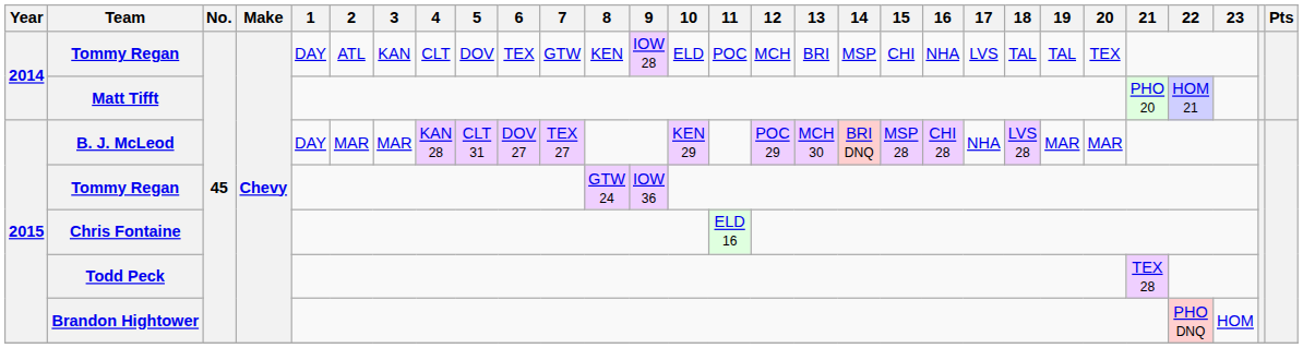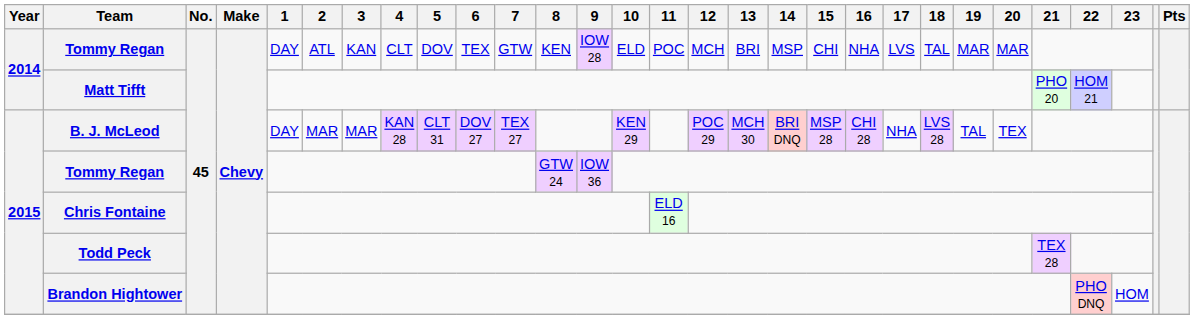 <table class="wikitable" style="text-align:center; font-size:75%">
 <tr>
 <th>Year</th>
 <th>Team</th>
 <th>No.</th>
 <th>Make</th>
 <th>1</th>
 <th>2</th>
 <th>3</th>
 <th>4</th>
 <th>5</th>
 <th>6</th>
 <th>7</th>
 <th>8</th>
 <th>9</th>
 <th>10</th>
 <th>11</th>
 <th>12</th>
 <th>13</th>
 <th>14</th>
 <th>15</th>
 <th>16</th>
 <th>17</th>
 <th>18</th>
 <th>19</th>
 <th>20</th>
 <th>21</th>
 <th>22</th>
 <th>23</th>
 <th></th>
 <th>Pts</th>
 </tr>
 <tr>
 <th rowspan=2><a href='#'>2014</a></th>
 <th><a href='#'>Tommy Regan</a></th>
 <th rowspan=7>45</th>
 <th rowspan=7><a href='#'>Chevy</a></th>
 <td><a href='#'>DAY</a></td>
 <td><a href='#'>ATL</a></td>
 <td><a href='#'>KAN</a></td>
 <td><a href='#'>CLT</a></td>
 <td><a href='#'>DOV</a></td>
 <td><a href='#'>TEX</a></td>
 <td><a href='#'>GTW</a></td>
 <td><a href='#'>KEN</a></td>
 <td style="background:#EFCFFF;"><a href='#'>IOW</a><br><small>28</small></td>
 <td><a href='#'>ELD</a></td>
 <td><a href='#'>POC</a></td>
 <td><a href='#'>MCH</a></td>
 <td><a href='#'>BRI</a></td>
 <td><a href='#'>MSP</a></td>
 <td><a href='#'>CHI</a></td>
 <td><a href='#'>NHA</a></td>
 <td><a href='#'>LVS</a></td>
 <td><a href='#'>TAL</a></td>
-<td><a href='#'>TAL</a></td>
-<td><a href='#'>TEX</a></td>
+<td><a href='#'>MAR</a></td>
+<td><a href='#'>MAR</a></td>
 <td colspan=3></td>
 <th rowspan=2></th>
 <th rowspan=2></th>
 </tr>
 <tr>
 <th><a href='#'>Matt Tifft</a></th>
 <td colspan=20></td>
 <td style="background:#DFFFDF;"><a href='#'>PHO</a><br><small>20</small></td>
 <td style="background:#CFCFFF;"><a href='#'>HOM</a><br><small>21</small></td>
 <td></td>
 </tr>
 <tr>
 <th rowspan=5><a href='#'>2015</a></th>
 <th><a href='#'>B. J. McLeod</a></th>
 <td><a href='#'>DAY</a></td>
 <td><a href='#'>MAR</a></td>
 <td><a href='#'>MAR</a></td>
 <td style="background:#EFCFFF;"><a href='#'>KAN</a><br><small>28</small></td>
 <td style="background:#EFCFFF;"><a href='#'>CLT</a><br><small>31</small></td>
 <td style="background:#EFCFFF;"><a href='#'>DOV</a><br><small>27</small></td>
 <td style="background:#EFCFFF;"><a href='#'>TEX</a><br><small>27</small></td>
 <td colspan=2></td>
 <td style="background:#EFCFFF;"><a href='#'>KEN</a><br><small>29</small></td>
 <td></td>
 <td style="background:#EFCFFF;"><a href='#'>POC</a><br><small>29</small></td>
 <td style="background:#EFCFFF;"><a href='#'>MCH</a><br><small>30</small></td>
 <td style="background:#FFCFCF;"><a href='#'>BRI</a><br><small>DNQ</small></td>
 <td style="background:#EFCFFF;"><a href='#'>MSP</a><br><small>28</small></td>
 <td style="background:#EFCFFF;"><a href='#'>CHI</a><br><small>28</small></td>
 <td><a href='#'>NHA</a></td>
 <td style="background:#EFCFFF;"><a href='#'>LVS</a><br><small>28</small></td>
-<td><a href='#'>MAR</a></td>
-<td><a href='#'>MAR</a></td>
+<td><a href='#'>TAL</a></td>
+<td><a href='#'>TEX</a></td>
 <td colspan=3></td>
 <th rowspan=5></th>
 <th rowspan=5></th>
 </tr>
 <tr>
 <th><a href='#'>Tommy Regan</a></th>
 <td colspan=7></td>
 <td style="background:#EFCFFF;"><a href='#'>GTW</a><br><small>24</small></td>
 <td style="background:#EFCFFF;"><a href='#'>IOW</a><br><small>36</small></td>
 <td colspan=14></td>
 </tr>
 <tr>
 <th><a href='#'>Chris Fontaine</a></th>
 <td colspan=10></td>
 <td style="background:#DFFFDF;"><a href='#'>ELD</a><br><small>16</small></td>
 <td colspan=12></td>
 </tr>
 <tr>
 <th><a href='#'>Todd Peck</a></th>
 <td colspan=20></td>
 <td style="background:#EFCFFF;"><a href='#'>TEX</a><br><small>28</small></td>
 <td colspan=2></td>
 </tr>
 <tr>
 <th><a href='#'>Brandon Hightower</a></th>
 <td colspan=21></td>
 <td style="background:#FFCFCF;"><a href='#'>PHO</a><br><small>DNQ</small></td>
 <td><a href='#'>HOM</a></td>
 </tr>
 <tr>
 </tr>
 </table>
